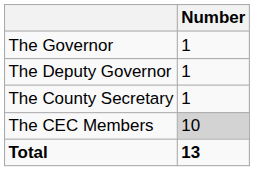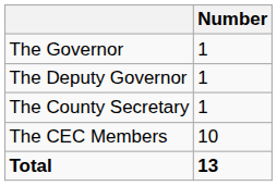 <table class="wikitable">
 <tr>
 <th></th>
 <th>Number</th>
 </tr>
 <tr>
 <td>The Governor</td>
 <td>1</td>
 </tr>
 <tr>
 <td>The Deputy Governor</td>
 <td>1</td>
 </tr>
 <tr>
 <td>The County Secretary</td>
 <td>1</td>
 </tr>
 <tr>
 <td>The CEC Members</td>
-<td style="background: lightgrey;">10</td>
+<td>10</td>
 </tr>
 <tr>
 <td><strong>Total</strong></td>
 <td><strong>13</strong></td>
 </tr>
 </table>
